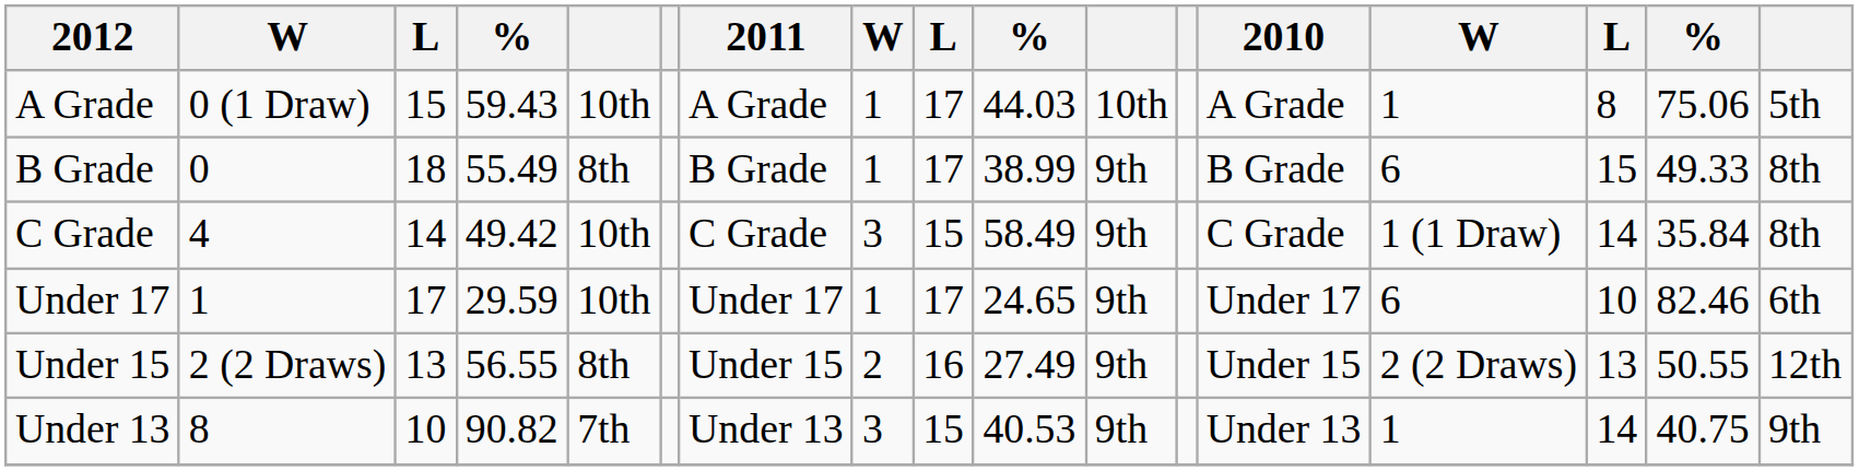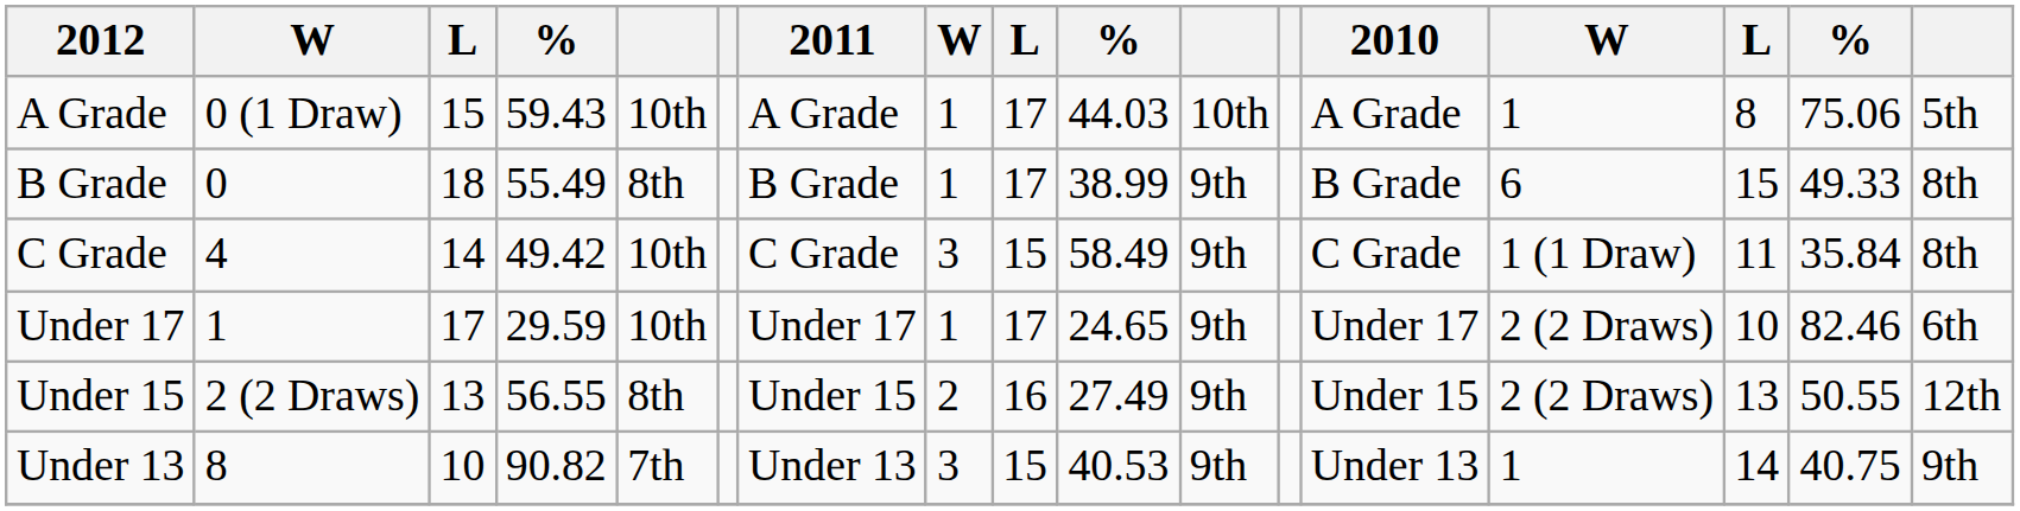 <table class="wikitable">
 <tr>
 <th style= width="90"><span><strong>2012</strong></span></th>
 <th style= width="40">W</th>
 <th style= width="40">L</th>
 <th style= width="50">%</th>
 <th style= width="50"></th>
 <th style= width="30"></th>
 <th style= width="90"><span><strong>2011</strong></span></th>
 <th style= width="80">W</th>
 <th style= width="40">L</th>
 <th style= width="50">%</th>
 <th style= width="50"></th>
 <th style= width="30"></th>
 <th style= width="90"><span><strong>2010</strong></span></th>
 <th style= width="80">W</th>
 <th style= width="40">L</th>
 <th style= width="50">%</th>
 <th style= width="50"></th>
 </tr>
 <tr>
 <td>A Grade</td>
 <td>0 (1 Draw)</td>
 <td>15</td>
 <td>59.43</td>
 <td>10th</td>
 <td></td>
 <td>A Grade</td>
 <td>1</td>
 <td>17</td>
 <td>44.03</td>
 <td>10th</td>
 <td></td>
 <td>A Grade</td>
 <td>1</td>
 <td>8</td>
 <td>75.06</td>
 <td>5th</td>
 </tr>
 <tr>
 <td>B Grade</td>
 <td>0</td>
 <td>18</td>
 <td>55.49</td>
 <td>8th</td>
 <td></td>
 <td>B Grade</td>
 <td>1</td>
 <td>17</td>
 <td>38.99</td>
 <td>9th</td>
 <td></td>
 <td>B Grade</td>
 <td>6</td>
 <td>15</td>
 <td>49.33</td>
 <td>8th</td>
 </tr>
 <tr>
 <td>C Grade</td>
 <td>4</td>
 <td>14</td>
 <td>49.42</td>
 <td>10th</td>
 <td></td>
 <td>C Grade</td>
 <td>3</td>
 <td>15</td>
 <td>58.49</td>
 <td>9th</td>
 <td></td>
 <td>C Grade</td>
 <td>1 (1 Draw)</td>
-<td>14</td>
+<td>11</td>
 <td>35.84</td>
 <td>8th</td>
 </tr>
 <tr>
 <td>Under 17</td>
 <td>1</td>
 <td>17</td>
 <td>29.59</td>
 <td>10th</td>
 <td></td>
 <td>Under 17</td>
 <td>1</td>
 <td>17</td>
 <td>24.65</td>
 <td>9th</td>
 <td></td>
 <td>Under 17</td>
-<td>6</td>
+<td>2 (2 Draws)</td>
 <td>10</td>
 <td>82.46</td>
 <td>6th</td>
 </tr>
 <tr>
 <td>Under 15</td>
 <td>2 (2 Draws)</td>
 <td>13</td>
 <td>56.55</td>
 <td>8th</td>
 <td></td>
 <td>Under 15</td>
 <td>2</td>
 <td>16</td>
 <td>27.49</td>
 <td>9th</td>
 <td></td>
 <td>Under 15</td>
 <td>2 (2 Draws)</td>
 <td>13</td>
 <td>50.55</td>
 <td>12th</td>
 </tr>
 <tr>
 <td>Under 13</td>
 <td>8</td>
 <td>10</td>
 <td>90.82</td>
 <td>7th</td>
 <td></td>
 <td>Under 13</td>
 <td>3</td>
 <td>15</td>
 <td>40.53</td>
 <td>9th</td>
 <td></td>
 <td>Under 13</td>
 <td>1</td>
 <td>14</td>
 <td>40.75</td>
 <td>9th</td>
 </tr>
 <tr>
 </tr>
 </table>
